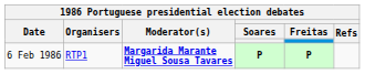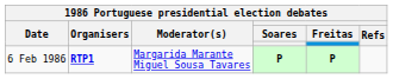 <table class="wikitable" style="font-size:98%; text-align:center;">
 <tr>
 <th colspan="21">1986 Portuguese presidential election debates</th>
 </tr>
 <tr>
 <th rowspan="3">Date</th>
 <th rowspan="3">Organisers</th>
 <th rowspan="3">Moderator(s)</th>
 <th colspan="16">      </th>
 </tr>
 <tr>
 <th scope="col" style="width:5em;">Soares</th>
 <th scope="col" style="width:5em;">Freitas</th>
 <th rowspan="2">Refs</th>
 </tr>
 <tr>
 <th style="background:"></th>
 <th style="background:#0093DD;"></th>
 </tr>
 <tr>
 <td style="white-space:nowrap; text-align:left;">6 Feb 1986</td>
-<td style="white-space:nowrap; text-align:left;"><a href='#'>RTP1</a></td>
-<td style="white-space:nowrap; text-align:left;"><strong><a href='#'>Margarida Marante</a><br><a href='#'>Miguel Sousa Tavares</a></strong></td>
+<td style="white-space:nowrap; text-align:left;"><strong><a href='#'>RTP1</a></strong></td>
+<td style="white-space:nowrap; text-align:left;"><a href='#'>Margarida Marante</a><br><a href='#'>Miguel Sousa Tavares</a></td>
 <td style="background:#D0FFD0;"><strong>P</strong></td>
 <td style="background:#D0FFD0;"><strong>P</strong></td>
 <td></td>
 </tr>
 </table>
